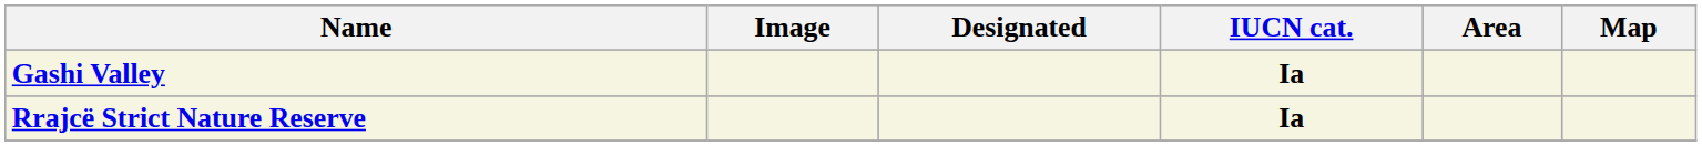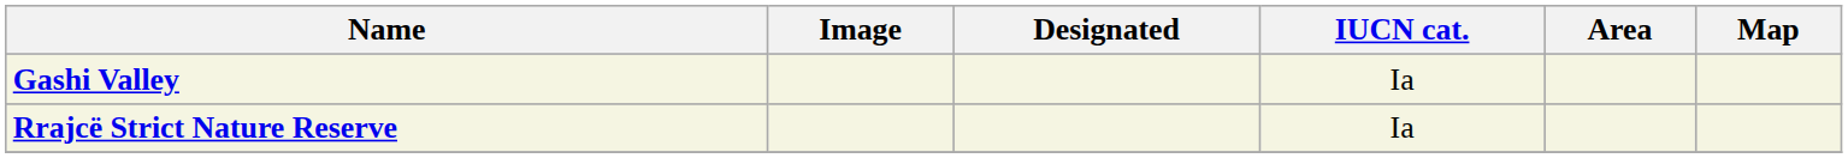 <table class="wikitable sortable"; width="75%">
 <tr>
 <th>Name</th>
 <th class="unsortable">Image</th>
 <th>Designated</th>
 <th><a href='#'>IUCN cat.</a></th>
 <th>Area</th>
 <th class="unsortable">Map</th>
 </tr>
 <tr bgcolor="#f5f5e2">
 <td><strong><a href='#'>Gashi Valley</a></strong></td>
 <td align="center"></td>
 <td></td>
-<td align="center"><strong>Ia</strong></td>
+<td align="center">Ia</td>
 <td></td>
 <td></td>
 </tr>
 <tr bgcolor="#f5f5e2">
 <td><strong><a href='#'>Rrajcë Strict Nature Reserve</a></strong></td>
 <td align="center"></td>
 <td></td>
-<td align="center"><strong>Ia</strong></td>
+<td align="center">Ia</td>
 <td></td>
 <td></td>
 </tr>
 <tr>
 </tr>
 </table>
